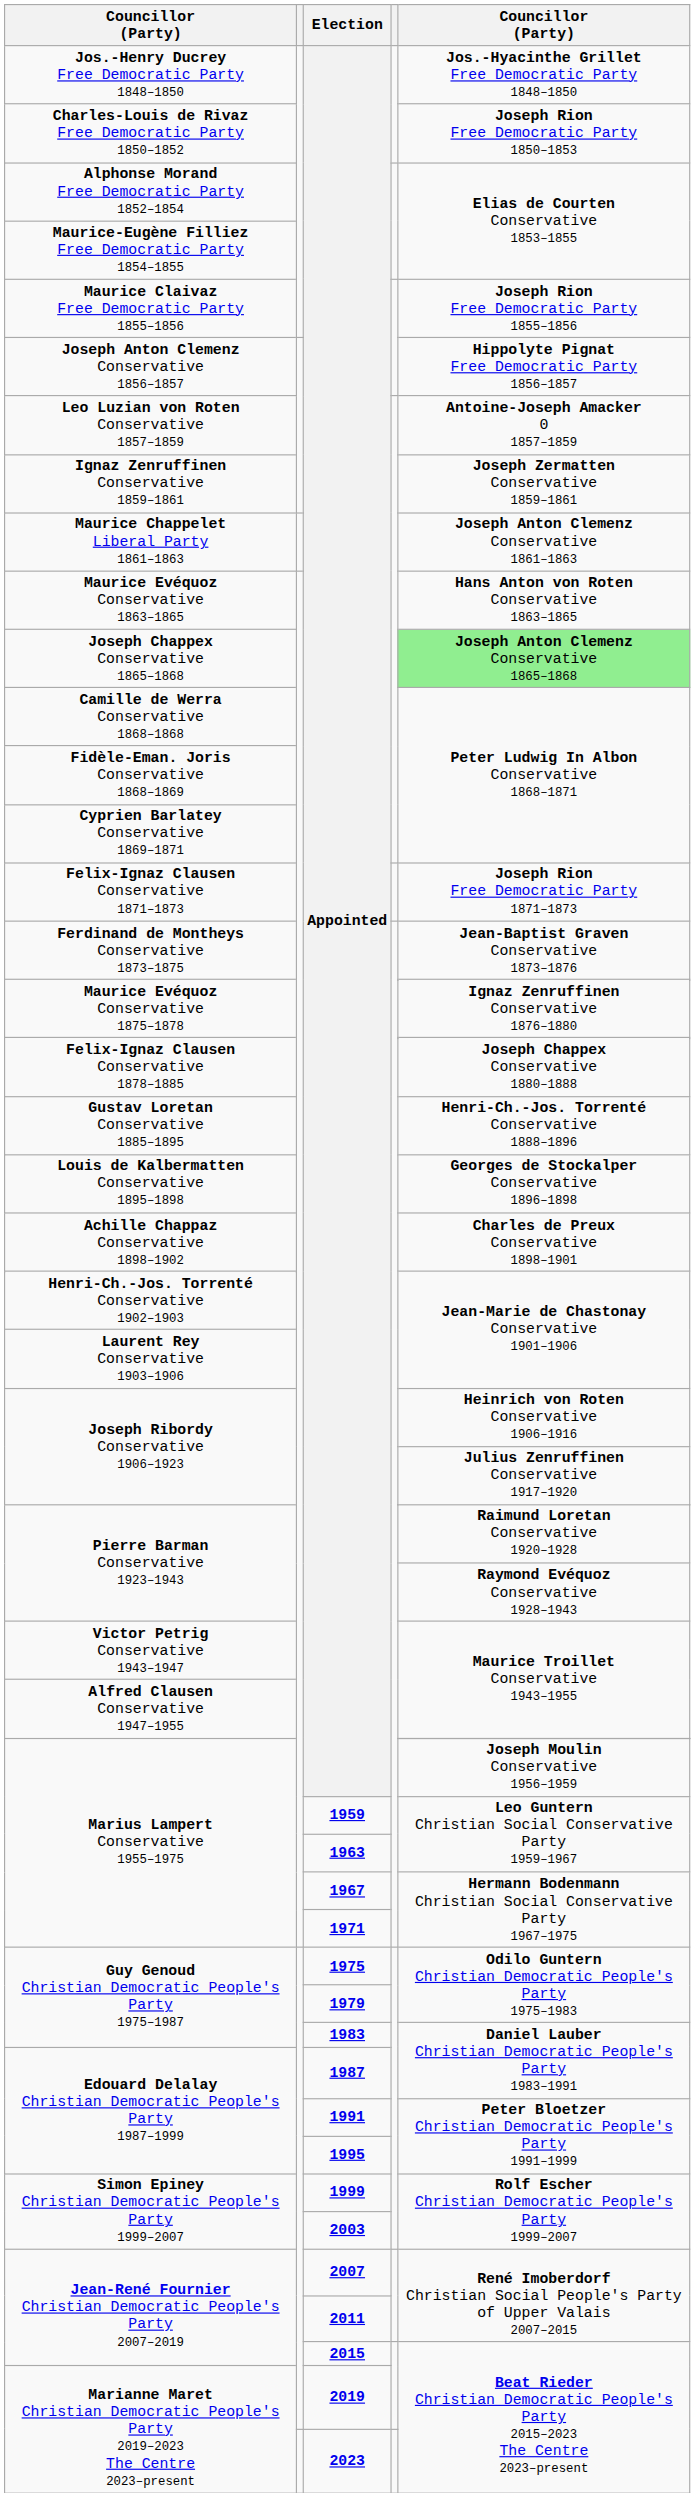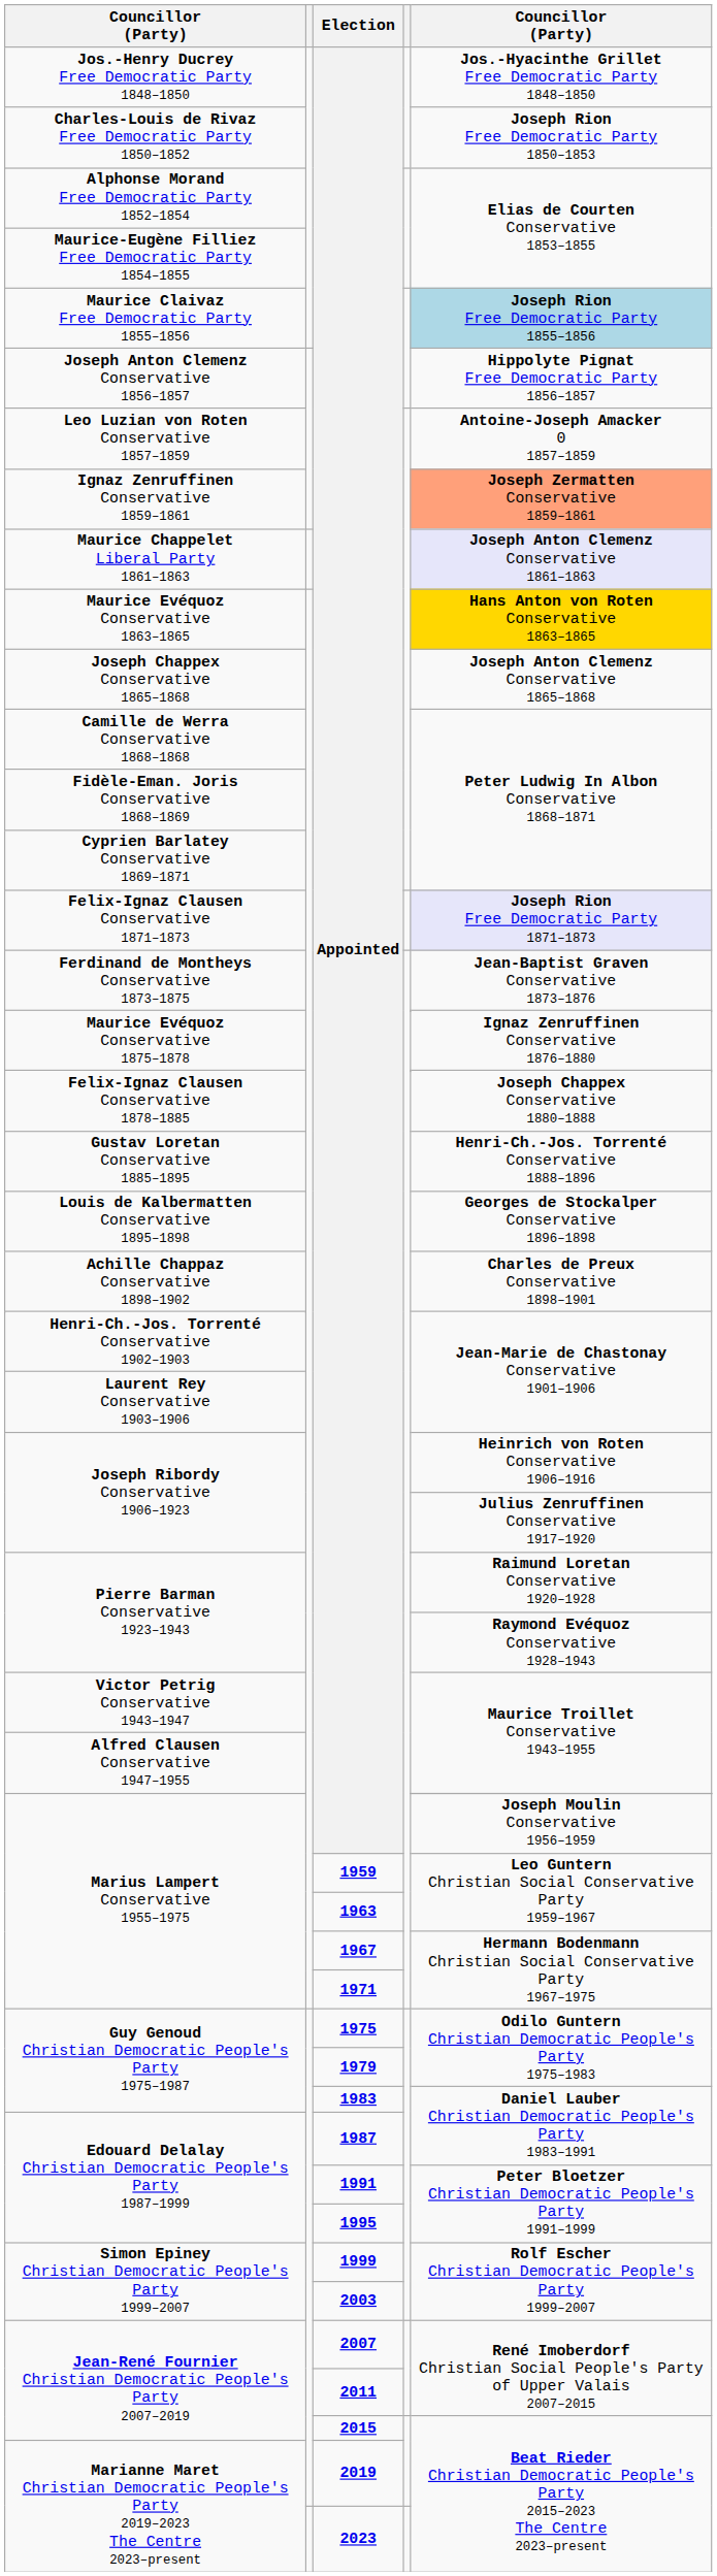 <table class="wikitable" style="text-align:center">
 <tr>
 <th scope="col" width="250" colspan = "1">Councillor<br> (Party)</th>
 <th></th>
 <th>Election</th>
 <th></th>
 <th scope="col" width="250" colspan = "1">Councillor<br> (Party)</th>
 </tr>
 <tr>
 <td rowspan=1><strong>Jos.-Henry Ducrey</strong><br><a href='#'>Free Democratic Party</a><br><small>1848–1850</small></td>
 <td rowspan=6; style="background-color: "></td>
 <th rowspan=38>Appointed</th>
 <td rowspan=3; style="background-color: "></td>
 <td rowspan=1><strong>Jos.-Hyacinthe Grillet</strong><br><a href='#'>Free Democratic Party</a><br><small>1848–1850</small></td>
 </tr>
 <tr>
 <td rowspan=1><strong>Charles-Louis de Rivaz</strong><br><a href='#'>Free Democratic Party</a><br><small>1850–1852</small></td>
 <td rowspan=2><strong>Joseph Rion</strong><br><a href='#'>Free Democratic Party</a><br><small>1850–1853</small></td>
 </tr>
 <tr>
 <td rowspan=2><strong>Alphonse Morand</strong><br><a href='#'>Free Democratic Party</a><br><small>1852–1854</small></td>
 </tr>
 <tr>
 <td rowspan=2; style="background-color: "></td>
 <td rowspan=2><strong>Elias de Courten</strong><br>Conservative<br><small>1853–1855</small></td>
 </tr>
 <tr>
 <td rowspan=1><strong>Maurice-Eugène Filliez</strong><br><a href='#'>Free Democratic Party</a><br><small>1854–1855</small></td>
 </tr>
 <tr>
 <td rowspan=1><strong>Maurice Claivaz</strong><br><a href='#'>Free Democratic Party</a><br><small>1855–1856</small></td>
 <td rowspan=2; style="background-color: "></td>
-<td rowspan=1><strong>Joseph Rion</strong><br><a href='#'>Free Democratic Party</a><br><small>1855–1856</small></td>
+<td rowspan=1 style="background: lightblue;"><strong>Joseph Rion</strong><br><a href='#'>Free Democratic Party</a><br><small>1855–1856</small></td>
 </tr>
 <tr>
 <td rowspan=1><strong>Joseph Anton Clemenz</strong><br>Conservative<br><small>1856–1857</small></td>
 <td rowspan=3; style="background-color: "></td>
 <td rowspan=1><strong>Hippolyte Pignat</strong><br><a href='#'>Free Democratic Party</a><br><small>1856–1857</small></td>
 </tr>
 <tr>
 <td rowspan=1><strong>Leo Luzian von Roten</strong><br>Conservative<br><small>1857–1859</small></td>
 <td rowspan=8; style="background-color: "></td>
 <td rowspan=1><strong>Antoine-Joseph Amacker</strong><br>0<br><small>1857–1859</small></td>
 </tr>
 <tr>
 <td rowspan=1><strong>Ignaz Zenruffinen</strong><br>Conservative<br><small>1859–1861</small></td>
-<td rowspan=1><strong>Joseph Zermatten</strong><br>Conservative<br><small>1859–1861</small></td>
+<td rowspan=1 style="background: lightsalmon;"><strong>Joseph Zermatten</strong><br>Conservative<br><small>1859–1861</small></td>
 </tr>
 <tr>
 <td rowspan=1><strong>Maurice Chappelet</strong><br><a href='#'>Liberal Party</a><br><small>1861–1863</small></td>
 <td rowspan=1; style="background-color: "></td>
-<td rowspan=1><strong>Joseph Anton Clemenz</strong><br>Conservative<br><small>1861–1863</small></td>
+<td rowspan=1 style="background: lavender;"><strong>Joseph Anton Clemenz</strong><br>Conservative<br><small>1861–1863</small></td>
 </tr>
 <tr>
 <td rowspan=1><strong>Maurice Evéquoz</strong><br>Conservative<br><small>1863–1865</small></td>
 <td rowspan=32; style="background-color: "></td>
-<td rowspan=1><strong>Hans Anton von Roten</strong><br>Conservative<br><small>1863–1865</small></td>
+<td rowspan=1 style="background: gold;"><strong>Hans Anton von Roten</strong><br>Conservative<br><small>1863–1865</small></td>
 </tr>
 <tr>
 <td rowspan=1><strong>Joseph Chappex</strong><br>Conservative<br><small>1865–1868</small></td>
-<td rowspan=1 style="background: lightgreen;"><strong>Joseph Anton Clemenz</strong><br>Conservative<br><small>1865–1868</small></td>
+<td rowspan=1><strong>Joseph Anton Clemenz</strong><br>Conservative<br><small>1865–1868</small></td>
 </tr>
 <tr>
 <td rowspan=1><strong>Camille de Werra</strong><br>Conservative<br><small>1868–1868</small></td>
 <td rowspan=3><strong>Peter Ludwig In Albon</strong><br>Conservative<br><small>1868–1871</small></td>
 </tr>
 <tr>
 <td rowspan=1><strong>Fidèle-Eman. Joris</strong><br>Conservative<br><small>1868–1869</small></td>
 </tr>
 <tr>
 <td rowspan=1><strong>Cyprien Barlatey</strong><br>Conservative<br><small>1869–1871</small></td>
 </tr>
 <tr>
 <td rowspan=1><strong>Felix-Ignaz Clausen</strong><br>Conservative<br><small>1871–1873</small></td>
 <td rowspan=1; style="background-color: "></td>
-<td rowspan=1><strong>Joseph Rion</strong><br><a href='#'>Free Democratic Party</a><br><small>1871–1873</small></td>
+<td rowspan=1 style="background: lavender;"><strong>Joseph Rion</strong><br><a href='#'>Free Democratic Party</a><br><small>1871–1873</small></td>
 </tr>
 <tr>
 <td rowspan=1><strong>Ferdinand de Montheys</strong><br>Conservative<br><small>1873–1875</small></td>
 <td rowspan=26; style="background-color: "></td>
 <td rowspan=2><strong>Jean-Baptist Graven</strong><br>Conservative<br><small>1873–1876</small></td>
 </tr>
 <tr>
 <td rowspan=2><strong>Maurice Evéquoz</strong><br>Conservative<br><small>1875–1878</small></td>
 </tr>
 <tr>
 <td rowspan=2><strong>Ignaz Zenruffinen</strong><br>Conservative<br><small>1876–1880</small></td>
 </tr>
 <tr>
 <td rowspan=2><strong>Felix-Ignaz Clausen</strong><br>Conservative<br><small>1878–1885</small></td>
 </tr>
 <tr>
 <td rowspan=2><strong>Joseph Chappex</strong><br>Conservative<br><small>1880–1888</small></td>
 </tr>
 <tr>
 <td rowspan=2><strong>Gustav Loretan</strong><br>Conservative<br><small>1885–1895</small></td>
 </tr>
 <tr>
 <td rowspan=2><strong>Henri-Ch.-Jos. Torrenté</strong><br>Conservative<br><small>1888–1896</small></td>
 </tr>
 <tr>
 <td rowspan=2><strong>Louis de Kalbermatten</strong><br>Conservative<br><small>1895–1898</small></td>
 </tr>
 <tr>
 <td rowspan=1><strong>Georges de Stockalper</strong><br>Conservative<br><small>1896–1898</small></td>
 </tr>
 <tr>
 <td rowspan=2><strong>Achille Chappaz</strong><br>Conservative<br><small>1898–1902</small></td>
 <td rowspan=1><strong>Charles de Preux</strong><br>Conservative<br><small>1898–1901</small></td>
 </tr>
 <tr>
 <td rowspan=3><strong>Jean-Marie de Chastonay</strong><br>Conservative<br><small>1901–1906</small></td>
 </tr>
 <tr>
 <td rowspan=1><strong>Henri-Ch.-Jos. Torrenté</strong><br>Conservative<br><small>1902–1903</small></td>
 </tr>
 <tr>
 <td rowspan=1><strong>Laurent Rey</strong><br>Conservative<br><small>1903–1906</small></td>
 </tr>
 <tr>
 <td rowspan=3><strong>Joseph Ribordy</strong><br>Conservative<br><small>1906–1923</small></td>
 <td rowspan=1><strong>Heinrich von Roten</strong><br>Conservative<br><small>1906–1916</small></td>
 </tr>
 <tr>
 <td rowspan=1><strong>Julius Zenruffinen</strong><br>Conservative<br><small>1917–1920</small></td>
 </tr>
 <tr>
 <td rowspan=2><strong>Raimund Loretan</strong><br>Conservative<br><small>1920–1928</small></td>
 </tr>
 <tr>
 <td rowspan=2><strong>Pierre Barman</strong><br>Conservative<br><small>1923–1943</small></td>
 </tr>
 <tr>
 <td rowspan=1><strong>Raymond Evéquoz</strong><br>Conservative<br><small>1928–1943</small></td>
 </tr>
 <tr>
 <td rowspan=1><strong>Victor Petrig</strong><br>Conservative<br><small>1943–1947</small></td>
 <td rowspan=2><strong>Maurice Troillet</strong><br>Conservative<br><small>1943–1955</small></td>
 </tr>
 <tr>
 <td rowspan=1><strong>Alfred Clausen</strong><br>Conservative<br><small>1947–1955</small></td>
 </tr>
 <tr>
 <td rowspan=6><strong>Marius Lampert</strong><br>Conservative<br><small>1955–1975</small></td>
 </tr>
 <tr>
 <td rowspan=1><strong>Joseph Moulin</strong><br>Conservative<br><small>1956–1959</small></td>
 </tr>
 <tr>
 <td><strong><a href='#'>1959</a></strong></td>
 <td rowspan=2><strong>Leo Guntern</strong><br>Christian Social Conservative Party<br><small>1959–1967</small></td>
 </tr>
 <tr>
 <td><strong><a href='#'>1963</a></strong></td>
 </tr>
 <tr>
 <td><strong><a href='#'>1967</a></strong></td>
 <td rowspan=2><strong>Hermann Bodenmann</strong><br>Christian Social Conservative Party<br><small>1967–1975</small></td>
 </tr>
 <tr>
 <td><strong><a href='#'>1971</a></strong></td>
 </tr>
 <tr>
 <td rowspan=3><strong>Guy Genoud</strong><br><a href='#'>Christian Democratic People's Party</a><br><small>1975–1987</small></td>
 <td rowspan=12; style="background-color: "></td>
 <td><strong><a href='#'>1975</a></strong></td>
 <td rowspan=8; style="background-color: "></td>
 <td rowspan=2><strong>Odilo Guntern</strong><br><a href='#'>Christian Democratic People's Party</a><br><small>1975–1983</small></td>
 </tr>
 <tr>
 <td><strong><a href='#'>1979</a></strong></td>
 </tr>
 <tr>
 <td><strong><a href='#'>1983</a></strong></td>
 <td rowspan=2><strong>Daniel Lauber</strong><br><a href='#'>Christian Democratic People's Party</a><br><small>1983–1991</small></td>
 </tr>
 <tr>
 <td rowspan=3><strong>Edouard Delalay</strong><br><a href='#'>Christian Democratic People's Party</a><br><small>1987–1999</small></td>
 <td><strong><a href='#'>1987</a></strong></td>
 </tr>
 <tr>
 <td><strong><a href='#'>1991</a></strong></td>
 <td rowspan=2><strong>Peter Bloetzer</strong><br><a href='#'>Christian Democratic People's Party</a><br><small>1991–1999</small></td>
 </tr>
 <tr>
 <td><strong><a href='#'>1995</a></strong></td>
 </tr>
 <tr>
 <td rowspan=2><strong>Simon Epiney</strong><br><a href='#'>Christian Democratic People's Party</a><br><small>1999–2007</small></td>
 <td><strong><a href='#'>1999</a></strong></td>
 <td rowspan=2><strong>Rolf Escher</strong><br><a href='#'>Christian Democratic People's Party</a><br><small>1999–2007</small></td>
 </tr>
 <tr>
 <td><strong><a href='#'>2003</a></strong></td>
 </tr>
 <tr>
 <td rowspan=3><br><strong><a href='#'>Jean-René Fournier</a></strong><br><a href='#'>Christian Democratic People's Party</a><br><small>2007–2019</small></td>
 <td><strong><a href='#'>2007</a></strong></td>
 <td rowspan=2; style="background-color: "></td>
 <td rowspan=2><br><strong>René Imoberdorf</strong><br>Christian Social People's Party of Upper Valais<br><small>2007–2015</small></td>
 </tr>
 <tr>
 <td><strong><a href='#'>2011</a></strong></td>
 </tr>
 <tr>
 <td><strong><a href='#'>2015</a></strong></td>
 <td rowspan=2; style="background-color: "></td>
 <td rowspan=3><br><strong><a href='#'>Beat Rieder</a></strong><br><a href='#'>Christian Democratic People's Party</a><br><small>2015–2023</small><br><a href='#'>The Centre</a><br><small>2023–present</small></td>
 </tr>
 <tr>
 <td rowspan=2><br><strong>Marianne Maret</strong><br><a href='#'>Christian Democratic People's Party</a><br><small>2019–2023</small><br><a href='#'>The Centre</a><br><small>2023–present</small></td>
 <td><strong><a href='#'>2019</a></strong></td>
 </tr>
 <tr>
 <td rowspan=1; style="background-color: "></td>
 <td><strong><a href='#'>2023</a></strong></td>
 <td rowspan=1; style="background-color: "></td>
 </tr>
 </table>
